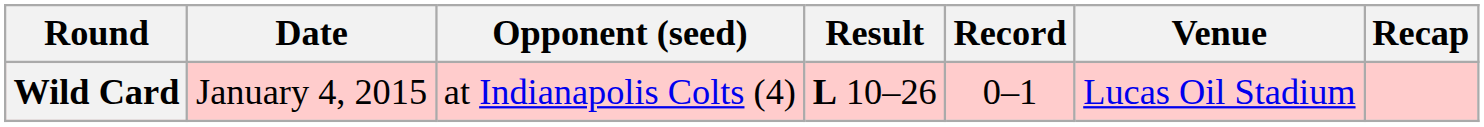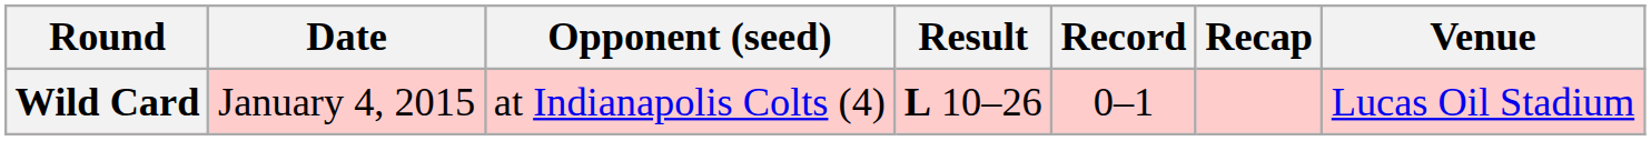 <table class="wikitable" style="text-align:center">
 <tr>
 <th>Round</th>
 <th>Date</th>
 <th>Opponent (seed)</th>
 <th>Result</th>
 <th>Record</th>
+<th>Recap</th>
 <th>Venue</th>
-<th>Recap</th>
 </tr>
 <tr style="background:#fcc">
 <th>Wild Card</th>
 <td>January 4, 2015</td>
 <td>at <a href='#'>Indianapolis Colts</a> (4)</td>
 <td><strong>L</strong> 10–26</td>
 <td>0–1</td>
+<td></td>
 <td><a href='#'>Lucas Oil Stadium</a></td>
-<td></td>
 </tr>
 </table>
